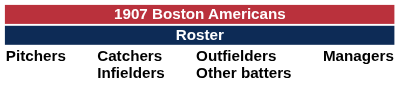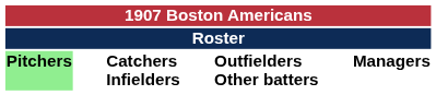 <table class="toccolours" style="text-align: left;">
 <tr>
 <th colspan="10" style="background-color: #ba313c; color: white; text-align: center;">1907 Boston Americans</th>
 </tr>
 <tr>
 <td colspan="10" style="background-color: #0d2b56; color: white; text-align: center;"><strong>Roster</strong></td>
 </tr>
 <tr>
-<td valign="top"><strong>Pitchers</strong><br>             </td>
+<td valign="top" style="background: lightgreen;"><strong>Pitchers</strong><br>             </td>
 <td width="25px"></td>
 <td valign="top"><strong>Catchers</strong><br>    <strong>Infielders</strong>      </td>
 <td width="25px"></td>
 <td valign="top"><strong>Outfielders</strong><br>          <strong>Other batters</strong> </td>
 <td width="25px"></td>
 <td valign="top"><strong>Managers</strong><br>    </td>
 </tr>
 </table>
